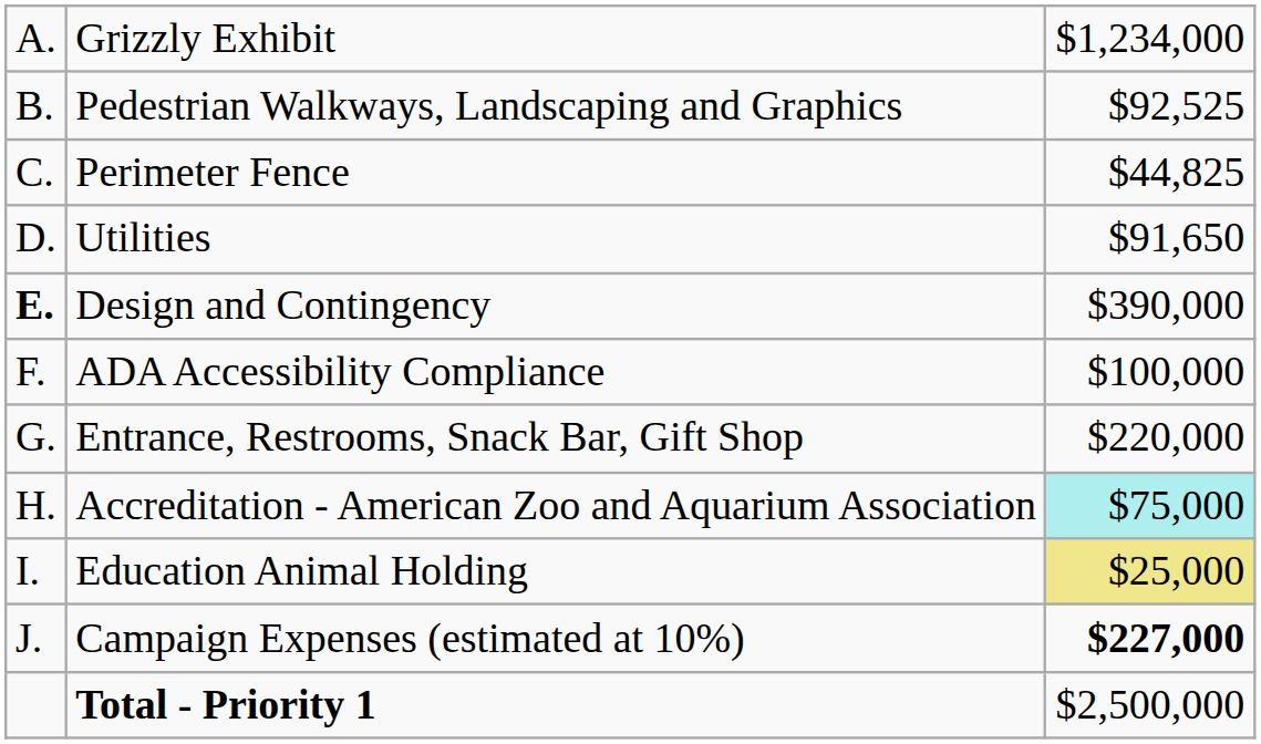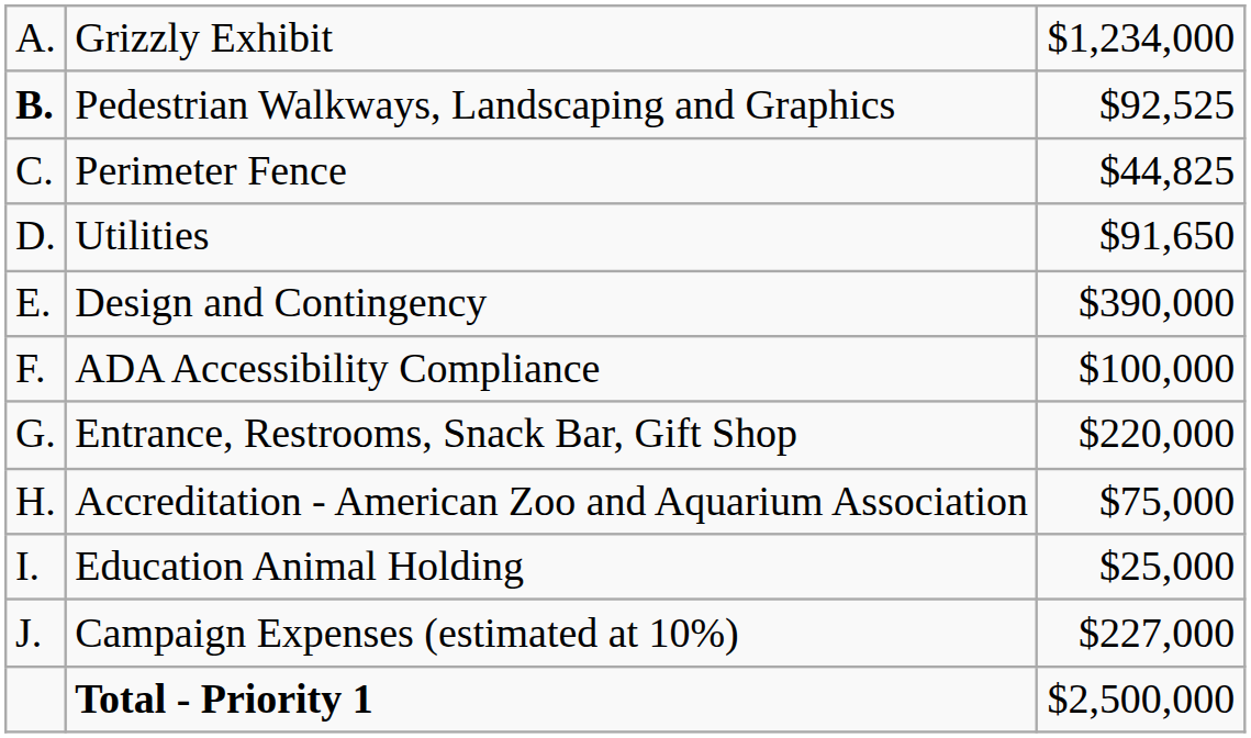 <table class="wikitable">
 <tr>
 <td>A.</td>
 <td>Grizzly Exhibit</td>
 <td align="right">$1,234,000</td>
 </tr>
 <tr>
-<td>B.</td>
+<td><strong>B.</strong></td>
 <td>Pedestrian Walkways, Landscaping and Graphics</td>
 <td align="right">$92,525</td>
 </tr>
 <tr>
 <td>C.</td>
 <td>Perimeter Fence</td>
 <td align="right">$44,825</td>
 </tr>
 <tr>
 <td>D.</td>
 <td>Utilities</td>
 <td align="right">$91,650</td>
 </tr>
 <tr>
-<td><strong>E.</strong></td>
+<td>E.</td>
 <td>Design and Contingency</td>
 <td align="right">$390,000</td>
 </tr>
 <tr>
 <td>F.</td>
 <td>ADA Accessibility Compliance</td>
 <td align="right">$100,000</td>
 </tr>
 <tr>
 <td>G.</td>
 <td>Entrance, Restrooms, Snack Bar, Gift Shop</td>
 <td align="right">$220,000</td>
 </tr>
 <tr>
 <td>H.</td>
 <td>Accreditation - American Zoo and Aquarium Association</td>
-<td align="right" style="background: paleturquoise;">$75,000</td>
+<td align="right">$75,000</td>
 </tr>
 <tr>
 <td>I.</td>
 <td>Education Animal Holding</td>
-<td align="right" style="background: khaki;">$25,000</td>
+<td align="right">$25,000</td>
 </tr>
 <tr>
 <td>J.</td>
 <td>Campaign Expenses (estimated at 10%)</td>
-<td align="right"><strong>$227,000</strong></td>
+<td align="right">$227,000</td>
 </tr>
 <tr>
 <td></td>
 <td><strong>Total - Priority 1</strong></td>
 <td align="right">$2,500,000</td>
 </tr>
 </table>
